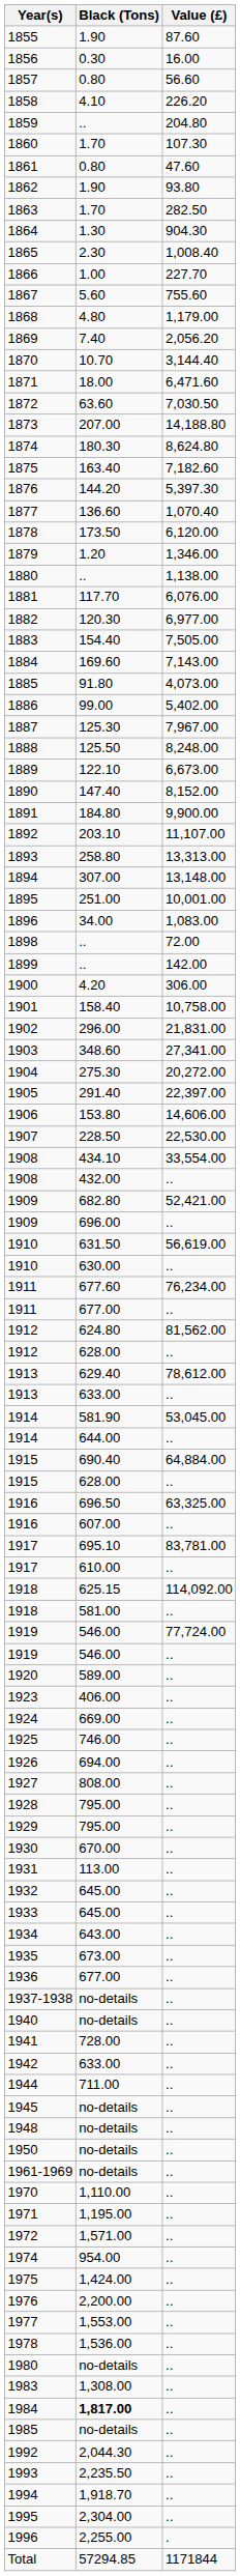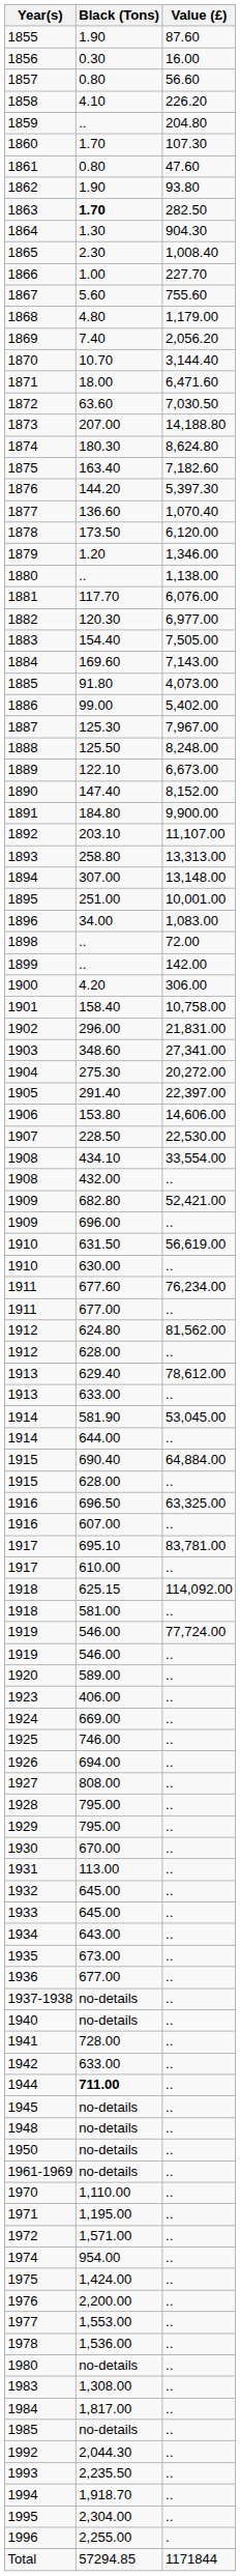 <table class="wikitable sortable mw-collapsible mw-collapsed">
 <tr>
 <th>Year(s)</th>
 <th>Black (Tons)</th>
 <th>Value (£)</th>
 </tr>
 <tr>
 <td>1855</td>
 <td>1.90</td>
 <td>87.60</td>
 </tr>
 <tr>
 <td>1856</td>
 <td>0.30</td>
 <td>16.00</td>
 </tr>
 <tr>
 <td>1857</td>
 <td>0.80</td>
 <td>56.60</td>
 </tr>
 <tr>
 <td>1858</td>
 <td>4.10</td>
 <td>226.20</td>
 </tr>
 <tr>
 <td>1859</td>
 <td>..</td>
 <td>204.80</td>
 </tr>
 <tr>
 <td>1860</td>
 <td>1.70</td>
 <td>107.30</td>
 </tr>
 <tr>
 <td>1861</td>
 <td>0.80</td>
 <td>47.60</td>
 </tr>
 <tr>
 <td>1862</td>
 <td>1.90</td>
 <td>93.80</td>
 </tr>
 <tr>
 <td>1863</td>
-<td>1.70</td>
+<td><strong>1.70</strong></td>
 <td>282.50</td>
 </tr>
 <tr>
 <td>1864</td>
 <td>1.30</td>
 <td>904.30</td>
 </tr>
 <tr>
 <td>1865</td>
 <td>2.30</td>
 <td>1,008.40</td>
 </tr>
 <tr>
 <td>1866</td>
 <td>1.00</td>
 <td>227.70</td>
 </tr>
 <tr>
 <td>1867</td>
 <td>5.60</td>
 <td>755.60</td>
 </tr>
 <tr>
 <td>1868</td>
 <td>4.80</td>
 <td>1,179.00</td>
 </tr>
 <tr>
 <td>1869</td>
 <td>7.40</td>
 <td>2,056.20</td>
 </tr>
 <tr>
 <td>1870</td>
 <td>10.70</td>
 <td>3,144.40</td>
 </tr>
 <tr>
 <td>1871</td>
 <td>18.00</td>
 <td>6,471.60</td>
 </tr>
 <tr>
 <td>1872</td>
 <td>63.60</td>
 <td>7,030.50</td>
 </tr>
 <tr>
 <td>1873</td>
 <td>207.00</td>
 <td>14,188.80</td>
 </tr>
 <tr>
 <td>1874</td>
 <td>180.30</td>
 <td>8,624.80</td>
 </tr>
 <tr>
 <td>1875</td>
 <td>163.40</td>
 <td>7,182.60</td>
 </tr>
 <tr>
 <td>1876</td>
 <td>144.20</td>
 <td>5,397.30</td>
 </tr>
 <tr>
 <td>1877</td>
 <td>136.60</td>
 <td>1,070.40</td>
 </tr>
 <tr>
 <td>1878</td>
 <td>173.50</td>
 <td>6,120.00</td>
 </tr>
 <tr>
 <td>1879</td>
 <td>1.20</td>
 <td>1,346.00</td>
 </tr>
 <tr>
 <td>1880</td>
 <td>..</td>
 <td>1,138.00</td>
 </tr>
 <tr>
 <td>1881</td>
 <td>117.70</td>
 <td>6,076.00</td>
 </tr>
 <tr>
 <td>1882</td>
 <td>120.30</td>
 <td>6,977.00</td>
 </tr>
 <tr>
 <td>1883</td>
 <td>154.40</td>
 <td>7,505.00</td>
 </tr>
 <tr>
 <td>1884</td>
 <td>169.60</td>
 <td>7,143.00</td>
 </tr>
 <tr>
 <td>1885</td>
 <td>91.80</td>
 <td>4,073.00</td>
 </tr>
 <tr>
 <td>1886</td>
 <td>99.00</td>
 <td>5,402.00</td>
 </tr>
 <tr>
 <td>1887</td>
 <td>125.30</td>
 <td>7,967.00</td>
 </tr>
 <tr>
 <td>1888</td>
 <td>125.50</td>
 <td>8,248.00</td>
 </tr>
 <tr>
 <td>1889</td>
 <td>122.10</td>
 <td>6,673.00</td>
 </tr>
 <tr>
 <td>1890</td>
 <td>147.40</td>
 <td>8,152.00</td>
 </tr>
 <tr>
 <td>1891</td>
 <td>184.80</td>
 <td>9,900.00</td>
 </tr>
 <tr>
 <td>1892</td>
 <td>203.10</td>
 <td>11,107.00</td>
 </tr>
 <tr>
 <td>1893</td>
 <td>258.80</td>
 <td>13,313.00</td>
 </tr>
 <tr>
 <td>1894</td>
 <td>307.00</td>
 <td>13,148.00</td>
 </tr>
 <tr>
 <td>1895</td>
 <td>251.00</td>
 <td>10,001.00</td>
 </tr>
 <tr>
 <td>1896</td>
 <td>34.00</td>
 <td>1,083.00</td>
 </tr>
 <tr>
 <td>1898</td>
 <td>..</td>
 <td>72.00</td>
 </tr>
 <tr>
 <td>1899</td>
 <td>..</td>
 <td>142.00</td>
 </tr>
 <tr>
 <td>1900</td>
 <td>4.20</td>
 <td>306.00</td>
 </tr>
 <tr>
 <td>1901</td>
 <td>158.40</td>
 <td>10,758.00</td>
 </tr>
 <tr>
 <td>1902</td>
 <td>296.00</td>
 <td>21,831.00</td>
 </tr>
 <tr>
 <td>1903</td>
 <td>348.60</td>
 <td>27,341.00</td>
 </tr>
 <tr>
 <td>1904</td>
 <td>275.30</td>
 <td>20,272.00</td>
 </tr>
 <tr>
 <td>1905</td>
 <td>291.40</td>
 <td>22,397.00</td>
 </tr>
 <tr>
 <td>1906</td>
 <td>153.80</td>
 <td>14,606.00</td>
 </tr>
 <tr>
 <td>1907</td>
 <td>228.50</td>
 <td>22,530.00</td>
 </tr>
 <tr>
 <td>1908</td>
 <td>434.10</td>
 <td>33,554.00</td>
 </tr>
 <tr>
 <td>1908</td>
 <td>432.00</td>
 <td>..</td>
 </tr>
 <tr>
 <td>1909</td>
 <td>682.80</td>
 <td>52,421.00</td>
 </tr>
 <tr>
 <td>1909</td>
 <td>696.00</td>
 <td>..</td>
 </tr>
 <tr>
 <td>1910</td>
 <td>631.50</td>
 <td>56,619.00</td>
 </tr>
 <tr>
 <td>1910</td>
 <td>630.00</td>
 <td>..</td>
 </tr>
 <tr>
 <td>1911</td>
 <td>677.60</td>
 <td>76,234.00</td>
 </tr>
 <tr>
 <td>1911</td>
 <td>677.00</td>
 <td>..</td>
 </tr>
 <tr>
 <td>1912</td>
 <td>624.80</td>
 <td>81,562.00</td>
 </tr>
 <tr>
 <td>1912</td>
 <td>628.00</td>
 <td>..</td>
 </tr>
 <tr>
 <td>1913</td>
 <td>629.40</td>
 <td>78,612.00</td>
 </tr>
 <tr>
 <td>1913</td>
 <td>633.00</td>
 <td>..</td>
 </tr>
 <tr>
 <td>1914</td>
 <td>581.90</td>
 <td>53,045.00</td>
 </tr>
 <tr>
 <td>1914</td>
 <td>644.00</td>
 <td>..</td>
 </tr>
 <tr>
 <td>1915</td>
 <td>690.40</td>
 <td>64,884.00</td>
 </tr>
 <tr>
 <td>1915</td>
 <td>628.00</td>
 <td>..</td>
 </tr>
 <tr>
 <td>1916</td>
 <td>696.50</td>
 <td>63,325.00</td>
 </tr>
 <tr>
 <td>1916</td>
 <td>607.00</td>
 <td>..</td>
 </tr>
 <tr>
 <td>1917</td>
 <td>695.10</td>
 <td>83,781.00</td>
 </tr>
 <tr>
 <td>1917</td>
 <td>610.00</td>
 <td>..</td>
 </tr>
 <tr>
 <td>1918</td>
 <td>625.15</td>
 <td>114,092.00</td>
 </tr>
 <tr>
 <td>1918</td>
 <td>581.00</td>
 <td>..</td>
 </tr>
 <tr>
 <td>1919</td>
 <td>546.00</td>
 <td>77,724.00</td>
 </tr>
 <tr>
 <td>1919</td>
 <td>546.00</td>
 <td>..</td>
 </tr>
 <tr>
 <td>1920</td>
 <td>589.00</td>
 <td>..</td>
 </tr>
 <tr>
 <td>1923</td>
 <td>406.00</td>
 <td>..</td>
 </tr>
 <tr>
 <td>1924</td>
 <td>669.00</td>
 <td>..</td>
 </tr>
 <tr>
 <td>1925</td>
 <td>746.00</td>
 <td>..</td>
 </tr>
 <tr>
 <td>1926</td>
 <td>694.00</td>
 <td>..</td>
 </tr>
 <tr>
 <td>1927</td>
 <td>808.00</td>
 <td>..</td>
 </tr>
 <tr>
 <td>1928</td>
 <td>795.00</td>
 <td>..</td>
 </tr>
 <tr>
 <td>1929</td>
 <td>795.00</td>
 <td>..</td>
 </tr>
 <tr>
 <td>1930</td>
 <td>670.00</td>
 <td>..</td>
 </tr>
 <tr>
 <td>1931</td>
 <td>113.00</td>
 <td>..</td>
 </tr>
 <tr>
 <td>1932</td>
 <td>645.00</td>
 <td>..</td>
 </tr>
 <tr>
 <td>1933</td>
 <td>645.00</td>
 <td>..</td>
 </tr>
 <tr>
 <td>1934</td>
 <td>643.00</td>
 <td>..</td>
 </tr>
 <tr>
 <td>1935</td>
 <td>673.00</td>
 <td>..</td>
 </tr>
 <tr>
 <td>1936</td>
 <td>677.00</td>
 <td>..</td>
 </tr>
 <tr>
 <td>1937-1938</td>
 <td>no-details</td>
 <td>..</td>
 </tr>
 <tr>
 <td>1940</td>
 <td>no-details</td>
 <td>..</td>
 </tr>
 <tr>
 <td>1941</td>
 <td>728.00</td>
 <td>..</td>
 </tr>
 <tr>
 <td>1942</td>
 <td>633.00</td>
 <td>..</td>
 </tr>
 <tr>
 <td>1944</td>
-<td>711.00</td>
+<td><strong>711.00</strong></td>
 <td>..</td>
 </tr>
 <tr>
 <td>1945</td>
 <td>no-details</td>
 <td>..</td>
 </tr>
 <tr>
 <td>1948</td>
 <td>no-details</td>
 <td>..</td>
 </tr>
 <tr>
 <td>1950</td>
 <td>no-details</td>
 <td>..</td>
 </tr>
 <tr>
 <td>1961-1969</td>
 <td>no-details</td>
 <td>..</td>
 </tr>
 <tr>
 <td>1970</td>
 <td>1,110.00</td>
 <td>..</td>
 </tr>
 <tr>
 <td>1971</td>
 <td>1,195.00</td>
 <td>..</td>
 </tr>
 <tr>
 <td>1972</td>
 <td>1,571.00</td>
 <td>..</td>
 </tr>
 <tr>
 <td>1974</td>
 <td>954.00</td>
 <td>..</td>
 </tr>
 <tr>
 <td>1975</td>
 <td>1,424.00</td>
 <td>..</td>
 </tr>
 <tr>
 <td>1976</td>
 <td>2,200.00</td>
 <td>..</td>
 </tr>
 <tr>
 <td>1977</td>
 <td>1,553.00</td>
 <td>..</td>
 </tr>
 <tr>
 <td>1978</td>
 <td>1,536.00</td>
 <td>..</td>
 </tr>
 <tr>
 <td>1980</td>
 <td>no-details</td>
 <td>..</td>
 </tr>
 <tr>
 <td>1983</td>
 <td>1,308.00</td>
 <td>..</td>
 </tr>
 <tr>
 <td>1984</td>
-<td><strong>1,817.00</strong></td>
+<td>1,817.00</td>
 <td>..</td>
 </tr>
 <tr>
 <td>1985</td>
 <td>no-details</td>
 <td>..</td>
 </tr>
 <tr>
 <td>1992</td>
 <td>2,044.30</td>
 <td>..</td>
 </tr>
 <tr>
 <td>1993</td>
 <td>2,235.50</td>
 <td>..</td>
 </tr>
 <tr>
 <td>1994</td>
 <td>1,918.70</td>
 <td>..</td>
 </tr>
 <tr>
 <td>1995</td>
 <td>2,304.00</td>
 <td>..</td>
 </tr>
 <tr>
 <td>1996</td>
 <td>2,255.00</td>
 <td>.</td>
 </tr>
 <tr>
 <td>Total</td>
 <td>57294.85</td>
 <td>1171844</td>
 </tr>
 </table>
